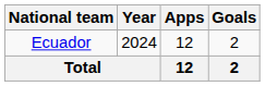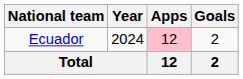 <table class="wikitable" style="text-align: center;">
 <tr>
 <th>National team</th>
 <th>Year</th>
 <th>Apps</th>
 <th>Goals</th>
 </tr>
 <tr>
 <td><a href='#'>Ecuador</a></td>
 <td>2024</td>
-<td>12</td>
+<td style="background: pink;">12</td>
 <td>2</td>
 </tr>
 <tr>
 <th colspan="2">Total</th>
 <th>12</th>
 <th>2</th>
 </tr>
 </table>
